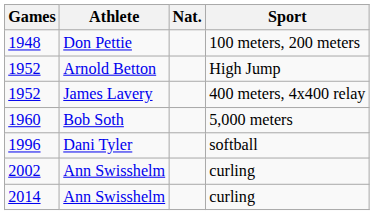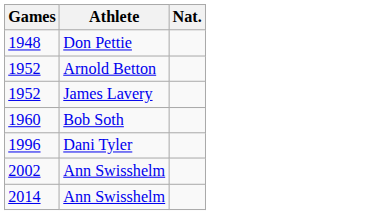 <table class="wikitable"; style= "text-align: ">
 <tr>
 <th width=px>Games</th>
 <th width=px>Athlete</th>
 <th width=px>Nat.</th>
-<th width=px>Sport</th>
 </tr>
 <tr>
 <td><a href='#'>1948</a></td>
 <td><a href='#'>Don Pettie</a></td>
 <td></td>
-<td>100 meters, 200 meters</td>
 </tr>
 <tr>
 <td><a href='#'>1952</a></td>
 <td><a href='#'>Arnold Betton</a></td>
 <td></td>
-<td>High Jump</td>
 </tr>
 <tr>
 <td><a href='#'>1952</a></td>
 <td><a href='#'>James Lavery</a></td>
 <td></td>
-<td>400 meters, 4x400 relay</td>
 </tr>
 <tr>
 <td><a href='#'>1960</a></td>
 <td><a href='#'>Bob Soth</a></td>
 <td></td>
-<td>5,000 meters</td>
 </tr>
 <tr>
 <td><a href='#'>1996</a></td>
 <td><a href='#'>Dani Tyler</a></td>
 <td></td>
-<td>softball</td>
 </tr>
 <tr>
 <td><a href='#'>2002</a></td>
 <td><a href='#'>Ann Swisshelm</a></td>
 <td></td>
-<td>curling</td>
 </tr>
 <tr>
 <td><a href='#'>2014</a></td>
 <td><a href='#'>Ann Swisshelm</a></td>
 <td></td>
-<td>curling</td>
 </tr>
 </table>
